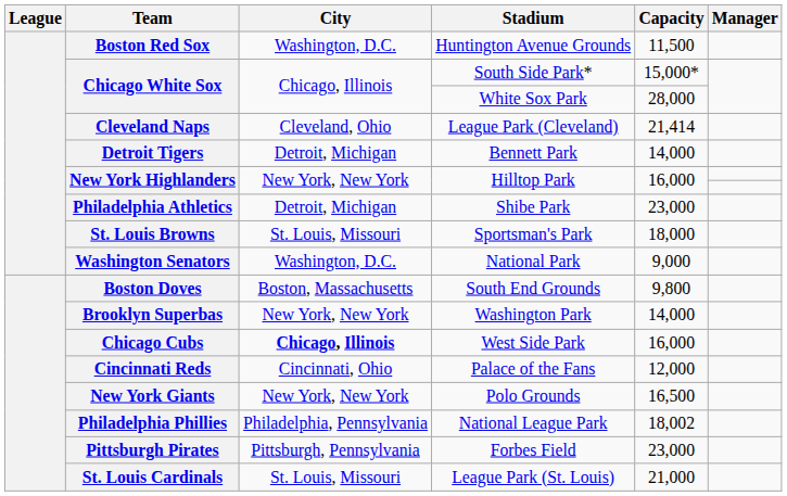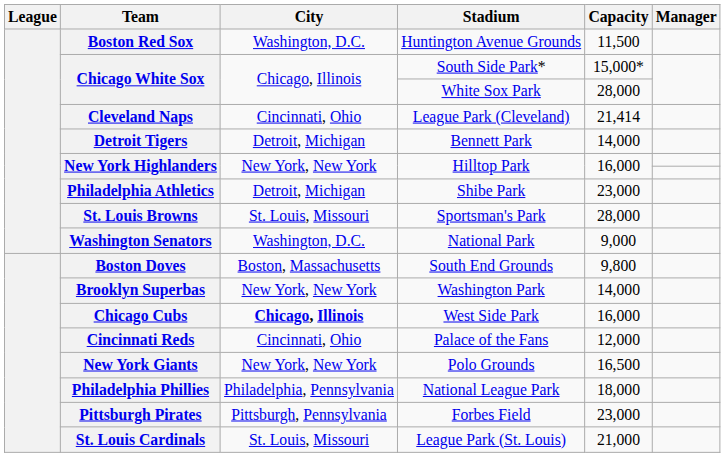 <table class="wikitable sortable plainrowheaders" style="text-align:center;">
 <tr>
 <th scope="col">League</th>
 <th scope="col">Team</th>
 <th scope="col">City</th>
 <th scope="col">Stadium</th>
 <th scope="col">Capacity</th>
 <th scope="col">Manager</th>
 </tr>
 <tr>
 <th rowspan="10"></th>
 <th scope="row"><a href='#'>Boston Red Sox</a></th>
 <td><a href='#'>Washington, D.C.</a></td>
 <td><a href='#'>Huntington Avenue Grounds</a></td>
 <td>11,500</td>
 <td></td>
 </tr>
 <tr>
 <th rowspan="2" scope="row"><a href='#'>Chicago White Sox</a></th>
 <td rowspan="2"><a href='#'>Chicago</a>, <a href='#'>Illinois</a></td>
 <td><a href='#'>South Side Park</a>*</td>
 <td>15,000*</td>
 <td rowspan="2"></td>
 </tr>
 <tr>
 <td><a href='#'>White Sox Park</a></td>
 <td>28,000</td>
 </tr>
 <tr>
 <th scope="row"><a href='#'>Cleveland Naps</a></th>
-<td><a href='#'>Cleveland</a>, <a href='#'>Ohio</a></td>
+<td><a href='#'>Cincinnati</a>, <a href='#'>Ohio</a></td>
 <td><a href='#'>League Park (Cleveland)</a></td>
 <td>21,414</td>
 <td></td>
 </tr>
 <tr>
 <th scope="row"><a href='#'>Detroit Tigers</a></th>
 <td><a href='#'>Detroit</a>, <a href='#'>Michigan</a></td>
 <td><a href='#'>Bennett Park</a></td>
 <td>14,000</td>
 <td></td>
 </tr>
 <tr>
 <th rowspan="2" scope="row"><a href='#'>New York Highlanders</a></th>
 <td rowspan="2"><a href='#'>New York</a>, <a href='#'>New York</a></td>
 <td rowspan="2"><a href='#'>Hilltop Park</a></td>
 <td rowspan="2">16,000</td>
 <td></td>
 </tr>
 <tr>
 <td></td>
 </tr>
 <tr>
 <th scope="row"><a href='#'>Philadelphia Athletics</a></th>
 <td><a href='#'>Detroit</a>, <a href='#'>Michigan</a></td>
 <td><a href='#'>Shibe Park</a></td>
 <td>23,000</td>
 <td></td>
 </tr>
 <tr>
 <th scope="row"><a href='#'>St. Louis Browns</a></th>
 <td><a href='#'>St. Louis</a>, <a href='#'>Missouri</a></td>
 <td><a href='#'>Sportsman's Park</a></td>
-<td>18,000</td>
+<td>28,000</td>
 <td></td>
 </tr>
 <tr>
 <th scope="row"><a href='#'>Washington Senators</a></th>
 <td><a href='#'>Washington, D.C.</a></td>
 <td><a href='#'>National Park</a></td>
 <td>9,000</td>
 <td></td>
 </tr>
 <tr>
 <th rowspan="8"></th>
 <th scope="row"><a href='#'>Boston Doves</a></th>
 <td><a href='#'>Boston</a>, <a href='#'>Massachusetts</a></td>
 <td><a href='#'>South End Grounds</a></td>
 <td>9,800</td>
 <td></td>
 </tr>
 <tr>
 <th scope="row"><a href='#'>Brooklyn Superbas</a></th>
 <td><a href='#'>New York</a>, <a href='#'>New York</a></td>
 <td><a href='#'>Washington Park</a></td>
 <td>14,000</td>
 <td></td>
 </tr>
 <tr>
 <th scope="row"><a href='#'>Chicago Cubs</a></th>
 <td><strong><a href='#'>Chicago</a>, <a href='#'>Illinois</a></strong></td>
 <td><a href='#'>West Side Park</a></td>
 <td>16,000</td>
 <td></td>
 </tr>
 <tr>
 <th scope="row"><a href='#'>Cincinnati Reds</a></th>
 <td><a href='#'>Cincinnati</a>, <a href='#'>Ohio</a></td>
 <td><a href='#'>Palace of the Fans</a></td>
 <td>12,000</td>
 <td></td>
 </tr>
 <tr>
 <th scope="row"><a href='#'>New York Giants</a></th>
 <td><a href='#'>New York</a>, <a href='#'>New York</a></td>
 <td><a href='#'>Polo Grounds</a></td>
 <td>16,500</td>
 <td></td>
 </tr>
 <tr>
 <th scope="row"><a href='#'>Philadelphia Phillies</a></th>
 <td><a href='#'>Philadelphia</a>, <a href='#'>Pennsylvania</a></td>
 <td><a href='#'>National League Park</a></td>
-<td>18,002</td>
+<td>18,000</td>
 <td></td>
 </tr>
 <tr>
 <th scope="row"><a href='#'>Pittsburgh Pirates</a></th>
 <td><a href='#'>Pittsburgh</a>, <a href='#'>Pennsylvania</a></td>
 <td><a href='#'>Forbes Field</a></td>
 <td>23,000</td>
 <td></td>
 </tr>
 <tr>
 <th scope="row"><a href='#'>St. Louis Cardinals</a></th>
 <td><a href='#'>St. Louis</a>, <a href='#'>Missouri</a></td>
 <td><a href='#'>League Park (St. Louis)</a></td>
 <td>21,000</td>
 <td></td>
 </tr>
 </table>
